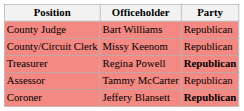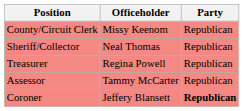 <table class="wikitable">
 <tr>
 <th>Position</th>
 <th>Officeholder</th>
 <th>Party</th>
 </tr>
 <tr style="background-color:#F48882;">
-<td>County Judge</td>
-<td>Bart Williams</td>
-<td>Republican</td>
-</tr>
-<tr style="background-color:#F48882;">
 <td>County/Circuit Clerk</td>
 <td>Missy Keenom</td>
 <td>Republican</td>
 </tr>
 <tr style="background-color:#F48882;">
+<td>Sheriff/Collector</td>
+<td>Neal Thomas</td>
+<td>Republican</td>
+</tr>
+<tr style="background-color:#F48882;">
 <td>Treasurer</td>
 <td>Regina Powell</td>
-<td><strong>Republican</strong></td>
+<td>Republican</td>
 </tr>
 <tr style="background-color:#F48882;">
 <td>Assessor</td>
 <td>Tammy McCarter</td>
 <td>Republican</td>
 </tr>
 <tr style="background-color:#F48882;">
 <td>Coroner</td>
 <td>Jeffery Blansett</td>
 <td><strong>Republican</strong></td>
 </tr>
 </table>
